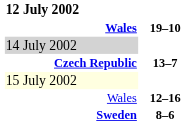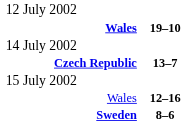 <table style="width:100%;" cellspacing="1">
 <tr>
 <th width=25%></th>
 <th width=10%></th>
 <th width=25%></th>
 <th width=25%></th>
 <th width=25%></th>
 </tr>
 <tr>
-<td><strong>12 July 2002</strong></td>
+<td>12 July 2002</td>
 </tr>
 <tr style=font-size:90%>
 <td align=right><strong><a href='#'>Wales</a> </strong></td>
 <td align=center><strong>19–10</strong></td>
 <td></td>
 <td></td>
 </tr>
 <tr>
-<td style="background: lightgrey;">14 July 2002</td>
+<td>14 July 2002</td>
 </tr>
 <tr style=font-size:90%>
 <td align=right><strong><a href='#'>Czech Republic</a> </strong></td>
 <td align=center><strong>13–7</strong></td>
 <td></td>
 <td></td>
 </tr>
 <tr>
-<td style="background: lightyellow;">15 July 2002</td>
+<td>15 July 2002</td>
 </tr>
 <tr style=font-size:90%>
 <td align=right><a href='#'>Wales</a> </td>
 <td align=center><strong>12–16</strong></td>
 <td><strong></strong></td>
 <td></td>
 </tr>
 <tr style=font-size:90%>
 <td align=right><strong><a href='#'>Sweden</a> </strong></td>
 <td align=center><strong>8–6 </strong></td>
 <td></td>
 <td></td>
 </tr>
 </table>
